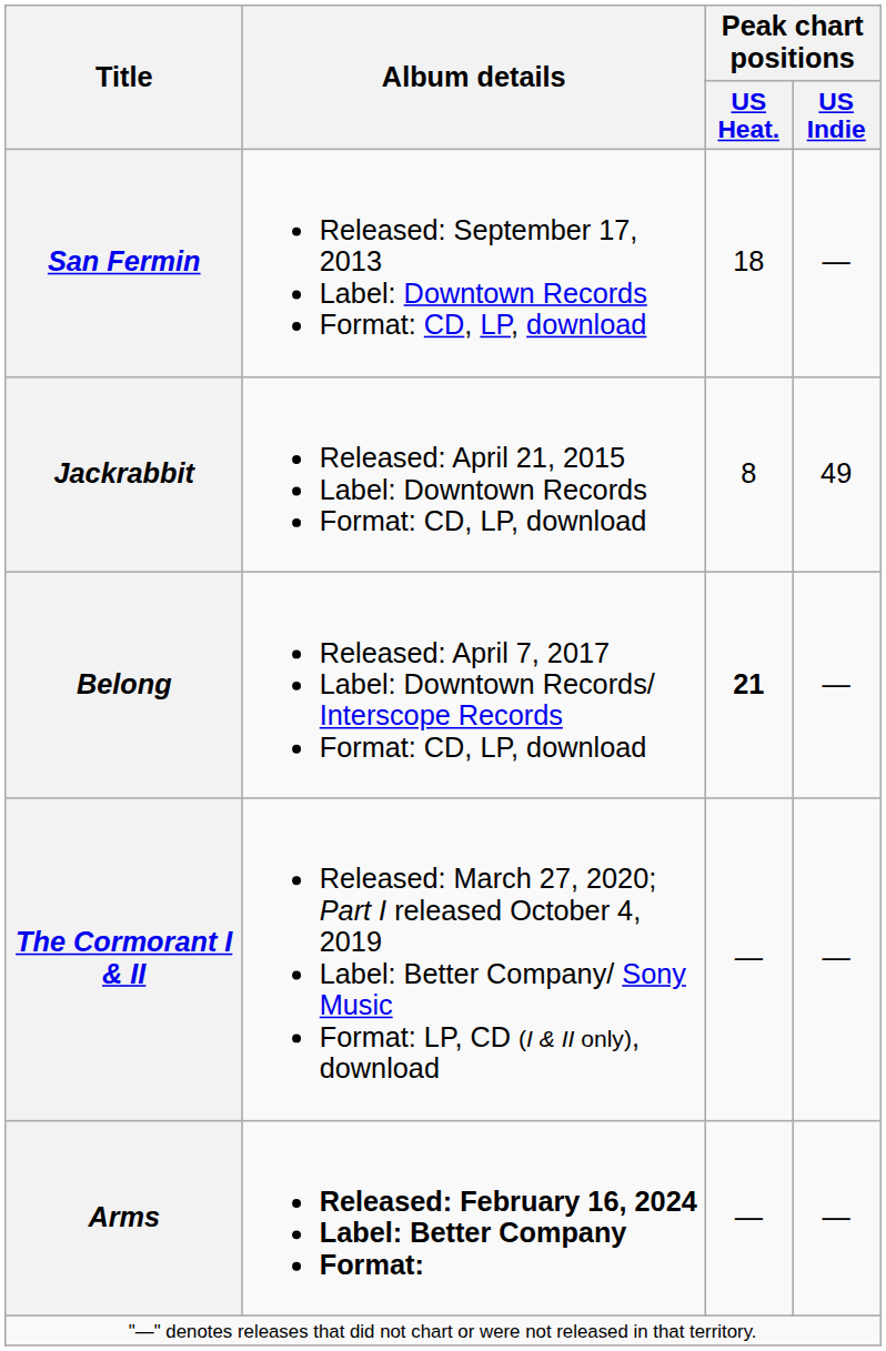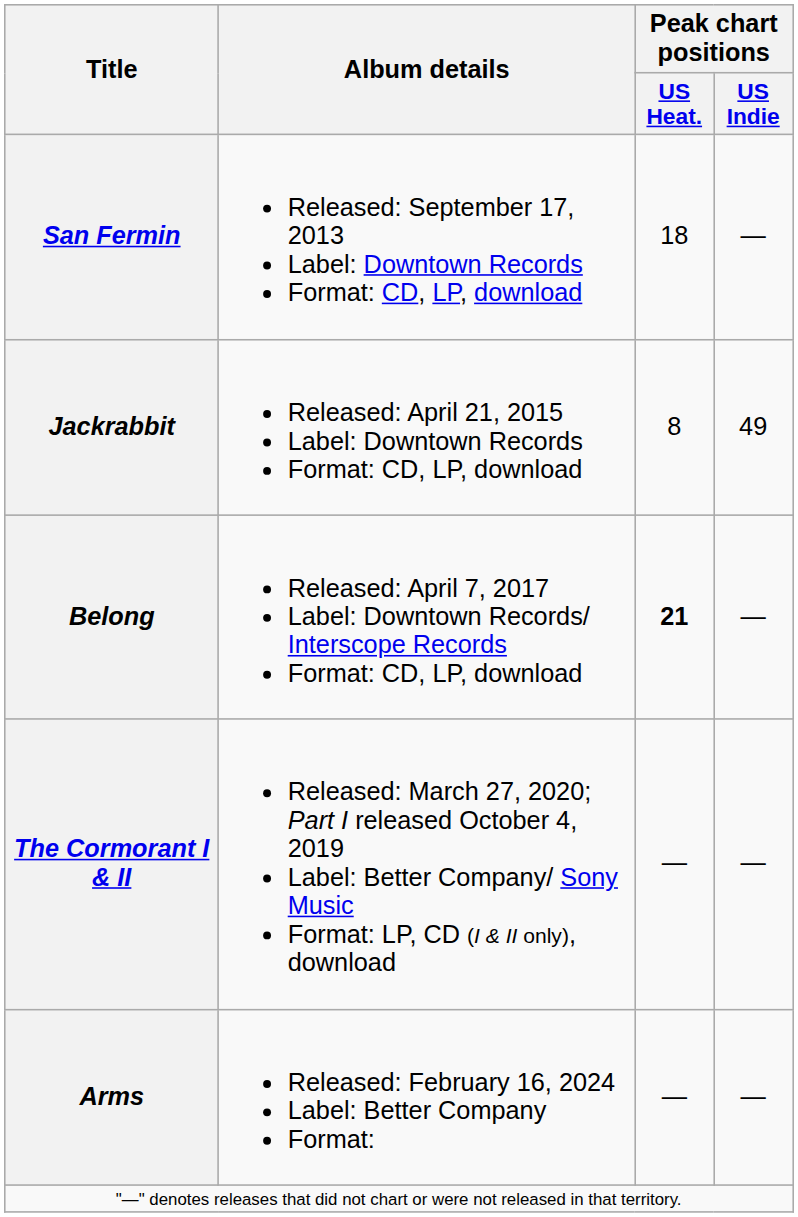 <table class="wikitable plainrowheaders">
 <tr>
 <th scope="col" rowspan="2" style="width:8em;">Title</th>
 <th scope="col" rowspan="2" style="width:16em;">Album details</th>
 <th scope="col" colspan="2">Peak chart positions</th>
 </tr>
 <tr>
 <th scope="col" style="width:3em;font-size:90%;"><a href='#'>US<br>Heat.</a></th>
 <th scope="col" style="width:3em;font-size:90%;"><a href='#'>US<br>Indie</a></th>
 </tr>
 <tr>
 <th scope="row"><em><a href='#'>San Fermin</a></em></th>
 <td><br><ul><li>Released: September 17, 2013</li><li>Label: <a href='#'>Downtown Records</a></li><li>Format: <a href='#'>CD</a>, <a href='#'>LP</a>, <a href='#'>download</a></li></ul></td>
 <td style="text-align:center;">18<br></td>
 <td style="text-align:center;">—</td>
 </tr>
 <tr>
 <th scope="row"><em>Jackrabbit</em></th>
 <td><br><ul><li>Released: April 21, 2015</li><li>Label: Downtown Records</li><li>Format: CD, LP, download</li></ul></td>
 <td style="text-align:center;">8<br></td>
 <td style="text-align:center;">49<br></td>
 </tr>
 <tr>
 <th scope="row"><em>Belong</em></th>
 <td><br><ul><li>Released: April 7, 2017</li><li>Label: Downtown Records/ <a href='#'>Interscope Records</a></li><li>Format: CD, LP, download</li></ul></td>
 <td style="text-align:center;"><strong>21<br></strong></td>
 <td style="text-align:center;">—</td>
 </tr>
 <tr>
 <th scope="row"><em><a href='#'>The Cormorant I & II</a></em></th>
 <td><br><ul><li>Released: March 27, 2020; <em>Part I</em> released October 4, 2019</li><li>Label: Better Company/ <a href='#'>Sony Music</a></li><li>Format: LP, CD <small>(<em>I & II</em> only)</small>, download</li></ul></td>
 <td style="text-align:center;">—</td>
 <td style="text-align:center;">—</td>
 </tr>
 <tr>
 <th scope="row"><em>Arms</em></th>
-<td><strong><br><ul><li>Released: February 16, 2024</li><li>Label: Better Company</li><li>Format:</li></ul></strong></td>
+<td><br><ul><li>Released: February 16, 2024</li><li>Label: Better Company</li><li>Format:</li></ul></td>
 <td style="text-align:center;">—</td>
 <td style="text-align:center;">—</td>
 </tr>
 <tr>
 <td colspan="13" style="text-align:center; font-size:8pt;">"—" denotes releases that did not chart or were not released in that territory.</td>
 </tr>
 </table>
